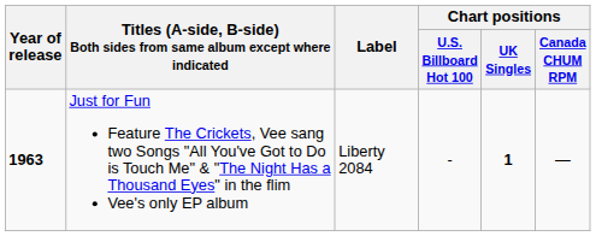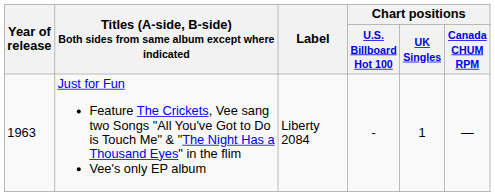 <table class="wikitable">
 <tr>
 <th width="22" rowspan="2">Year of release</th>
 <th width="380" rowspan="2">Titles (A-side, B-side)<br><small>Both sides from same album except where indicated</small></th>
 <th width="100" rowspan="2">Label</th>
 <th colspan="3">Chart positions</th>
 </tr>
 <tr>
 <th width="50"><small><a href='#'>U.S. Billboard Hot 100</a></small></th>
 <th width="50"><small><a href='#'>UK Singles</a></small></th>
 <th width="50"><small><a href='#'>Canada</a><br><a href='#'>CHUM</a><br><a href='#'>RPM</a></small></th>
 </tr>
 <tr>
-<td><strong>1963</strong></td>
+<td>1963</td>
 <td><a href='#'>Just for Fun</a><br><ul><li>Feature <a href='#'>The Crickets</a>, Vee sang two Songs "All You've Got to Do is Touch Me" & "<a href='#'>The Night Has a Thousand Eyes</a>" in the flim</li><li>Vee's only EP album</li></ul></td>
 <td>Liberty 2084</td>
 <td align="center">-</td>
-<td align="center"><strong>1</strong></td>
+<td align="center">1</td>
 <td align="center">—</td>
 </tr>
 </table>
